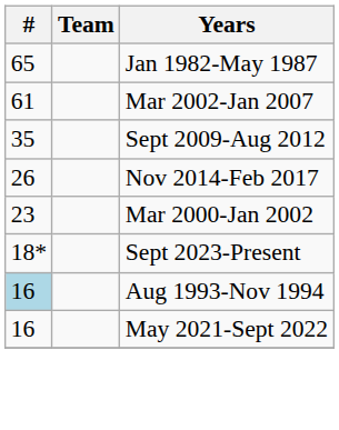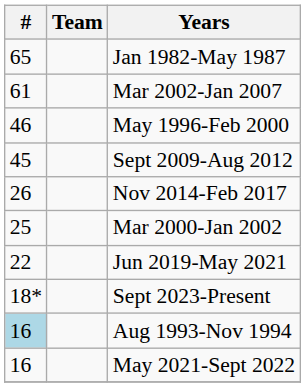 <table class="wikitable" style="display:inline-table;">
 <tr>
 <th>#</th>
 <th>Team</th>
 <th>Years</th>
 </tr>
 <tr>
 <td>65</td>
 <td></td>
 <td>Jan 1982-May 1987</td>
 </tr>
 <tr>
 <td>61</td>
 <td></td>
 <td>Mar 2002-Jan 2007</td>
 </tr>
 <tr>
-<td>35</td>
+<td>46</td>
+<td></td>
+<td>May 1996-Feb 2000</td>
+</tr>
+<tr>
+<td>45</td>
 <td></td>
 <td>Sept 2009-Aug 2012</td>
 </tr>
 <tr>
 <td>26</td>
 <td></td>
 <td>Nov 2014-Feb 2017</td>
 </tr>
 <tr>
-<td>23</td>
+<td>25</td>
 <td></td>
 <td>Mar 2000-Jan 2002</td>
+</tr>
+<tr>
+<td>22</td>
+<td></td>
+<td>Jun 2019-May 2021</td>
 </tr>
 <tr>
 <td>18*</td>
 <td></td>
 <td>Sept 2023-Present</td>
 </tr>
 <tr>
 <td style="background: lightblue;">16</td>
 <td></td>
 <td>Aug 1993-Nov 1994</td>
 </tr>
 <tr>
 <td>16</td>
 <td></td>
 <td>May 2021-Sept 2022</td>
 </tr>
 <tr>
 </tr>
 </table>
